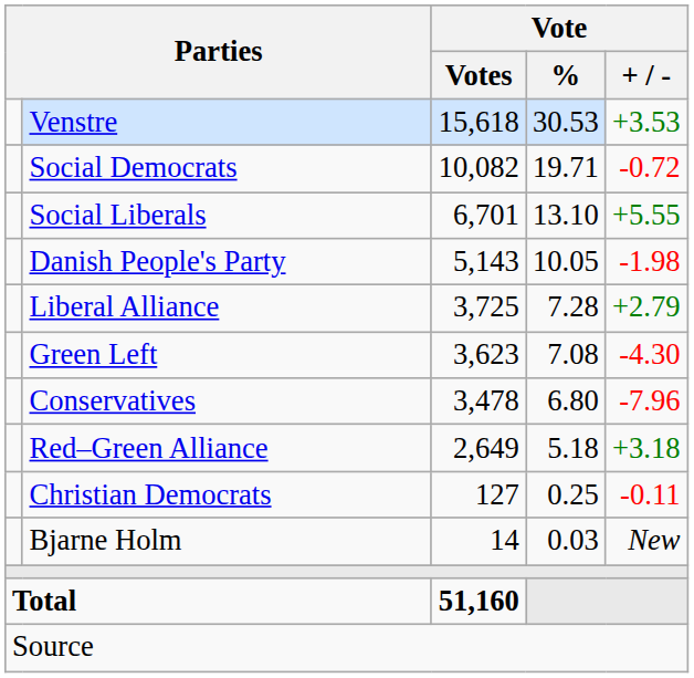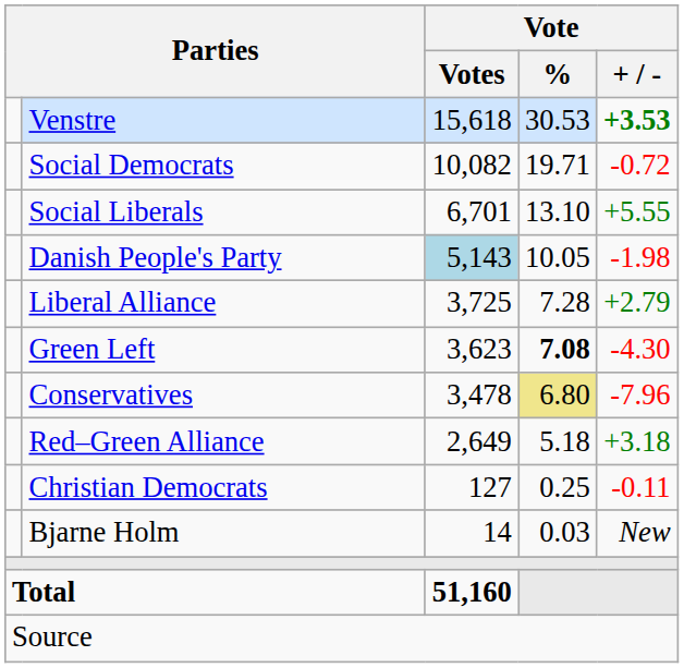 <table class="wikitable" style="text-align:right;">
 <tr>
 <th style="text-align:centre;" rowspan="2" colspan="2" width="225">Parties</th>
 <th colspan="3">Vote</th>
 </tr>
 <tr>
 <th width="15">Votes</th>
 <th width="15">%</th>
 <th width="15">+ / -</th>
 </tr>
 <tr>
 <td width="2" style="color:inherit;background:"></td>
 <td bgcolor=#cfe5fe  align="left"><a href='#'>Venstre</a></td>
 <td bgcolor=#cfe5fe>15,618</td>
 <td bgcolor=#cfe5fe>30.53</td>
-<td style=color:green;>+3.53</td>
+<td style=color:green;><strong>+3.53</strong></td>
 </tr>
 <tr>
 <td width="2" style="color:inherit;background:"></td>
 <td align="left"><a href='#'>Social Democrats</a></td>
 <td>10,082</td>
 <td>19.71</td>
 <td style=color:red;>-0.72</td>
 </tr>
 <tr>
 <td width="2" style="color:inherit;background:"></td>
 <td align="left"><a href='#'>Social Liberals</a></td>
 <td>6,701</td>
 <td>13.10</td>
 <td style=color:green;>+5.55</td>
 </tr>
 <tr>
 <td width="2" style="color:inherit;background:"></td>
 <td align="left"><a href='#'>Danish People's Party</a></td>
-<td>5,143</td>
+<td style="background: lightblue;">5,143</td>
 <td>10.05</td>
 <td style=color:red;>-1.98</td>
 </tr>
 <tr>
 <td width="2" style="color:inherit;background:"></td>
 <td align="left"><a href='#'>Liberal Alliance</a></td>
 <td>3,725</td>
 <td>7.28</td>
 <td style=color:green;>+2.79</td>
 </tr>
 <tr>
 <td width="2" style="color:inherit;background:"></td>
 <td align="left"><a href='#'>Green Left</a></td>
 <td>3,623</td>
-<td>7.08</td>
+<td><strong>7.08</strong></td>
 <td style=color:red;>-4.30</td>
 </tr>
 <tr>
 <td width="2" style="color:inherit;background:"></td>
 <td align="left"><a href='#'>Conservatives</a></td>
 <td>3,478</td>
-<td>6.80</td>
+<td style="background: khaki;">6.80</td>
 <td style=color:red;>-7.96</td>
 </tr>
 <tr>
 <td width="2" style="color:inherit;background:"></td>
 <td align="left"><a href='#'>Red–Green Alliance</a></td>
 <td>2,649</td>
 <td>5.18</td>
 <td style=color:green;>+3.18</td>
 </tr>
 <tr>
 <td width="2" style="color:inherit;background:"></td>
 <td align="left"><a href='#'>Christian Democrats</a></td>
 <td>127</td>
 <td>0.25</td>
 <td style=color:red;>-0.11</td>
 </tr>
 <tr>
 <td width="2" style="color:inherit;background:"></td>
 <td align="left">Bjarne Holm</td>
 <td>14</td>
 <td>0.03</td>
 <td><em>New</em></td>
 </tr>
 <tr>
 <td colspan="7" bgcolor="#E9E9E9"></td>
 </tr>
 <tr>
 <td align="left" colspan="2"><strong>Total</strong></td>
 <td><strong>51,160</strong></td>
 <td bgcolor="#E9E9E9" colspan="2"></td>
 </tr>
 <tr>
 <td align="left" colspan="6">Source</td>
 </tr>
 </table>
